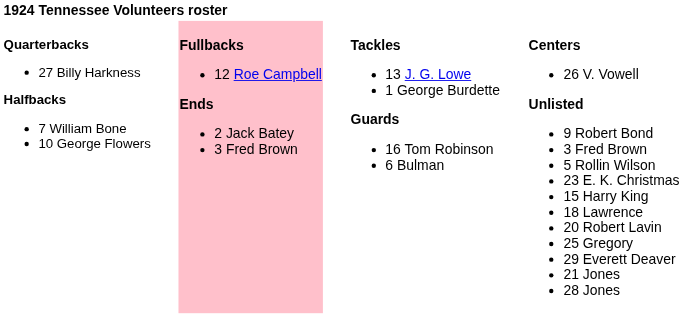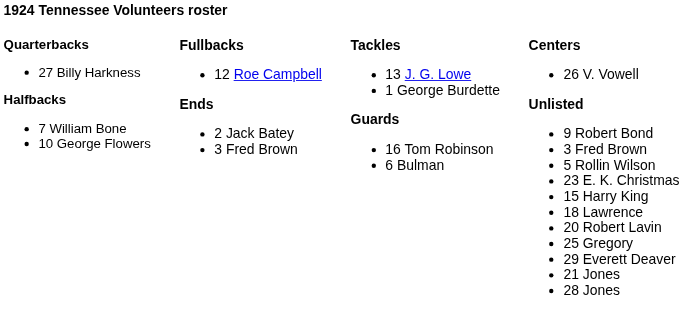 <table class="toccolours" style="text-align: left; ">
 <tr>
 <th colspan="9">1924 Tennessee Volunteers roster</th>
 </tr>
 <tr>
 <td style="font-size:95%; vertical-align:top; "><br><strong>Quarterbacks</strong><ul><li>27 Billy Harkness</li></ul><strong>Halfbacks</strong><ul><li>7 William Bone</li><li>10 George Flowers</li></ul></td>
 <td width="25"> </td>
-<td valign="top" style="background: pink;"><br><strong>Fullbacks</strong><ul><li>12 <a href='#'>Roe Campbell</a></li></ul><strong>Ends</strong><ul><li>2 Jack Batey</li><li>3 Fred Brown</li></ul></td>
+<td valign="top"><br><strong>Fullbacks</strong><ul><li>12 <a href='#'>Roe Campbell</a></li></ul><strong>Ends</strong><ul><li>2 Jack Batey</li><li>3 Fred Brown</li></ul></td>
 <td width="25"> </td>
 <td valign="top"><br><strong>Tackles</strong><ul><li>13 <a href='#'>J. G. Lowe</a></li><li>1 George Burdette</li></ul><strong>Guards</strong><ul><li>16 Tom Robinson</li><li>6 Bulman</li></ul></td>
 <td width="25"> </td>
 <td valign="top"><br><strong>Centers</strong><ul><li>26 V. Vowell</li></ul><strong>Unlisted</strong><ul><li>9 Robert Bond</li><li>3 Fred Brown</li><li>5 Rollin Wilson</li><li>23 E. K. Christmas</li><li>15 Harry King</li><li>18 Lawrence</li><li>20 Robert Lavin</li><li>25 Gregory</li><li>29 Everett Deaver</li><li>21 Jones</li><li>28 Jones</li></ul></td>
 <td width="25"> </td>
 <td valign="top"></td>
 </tr>
 </table>
